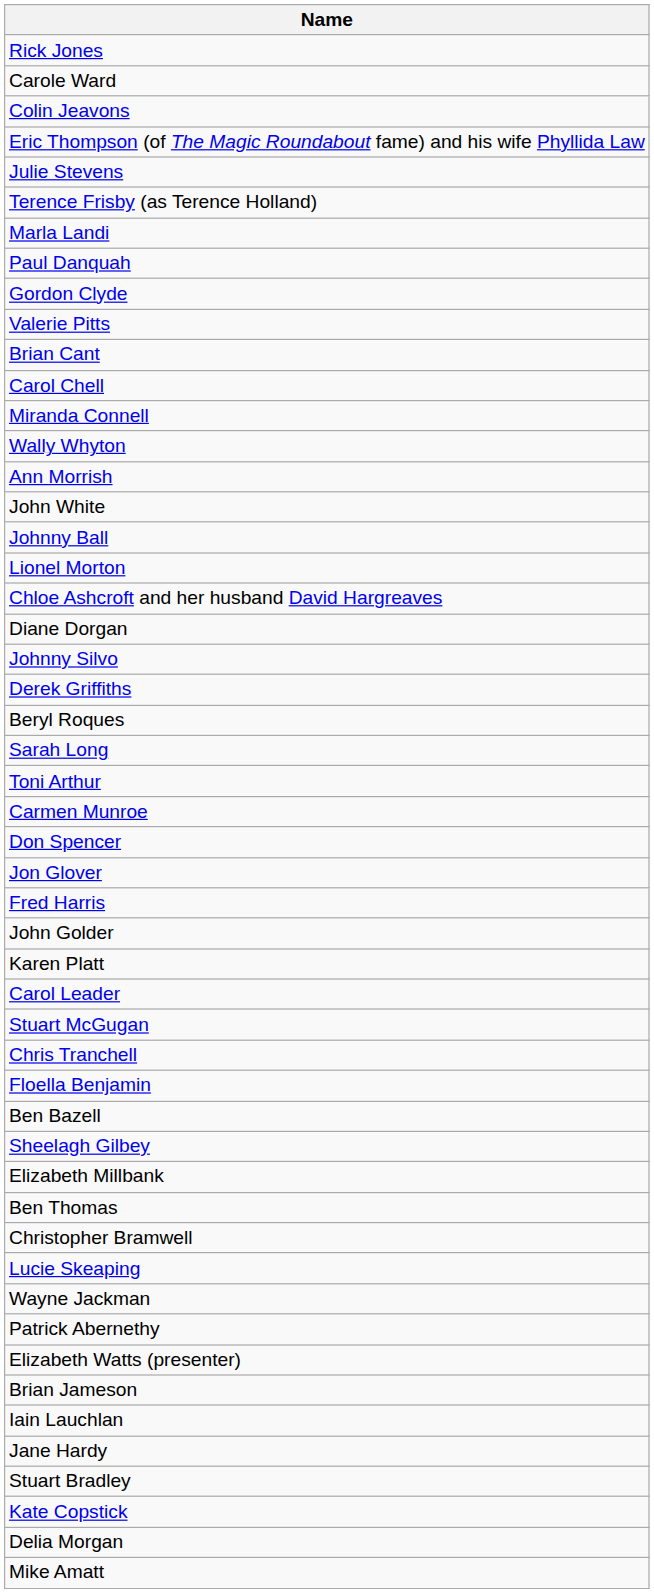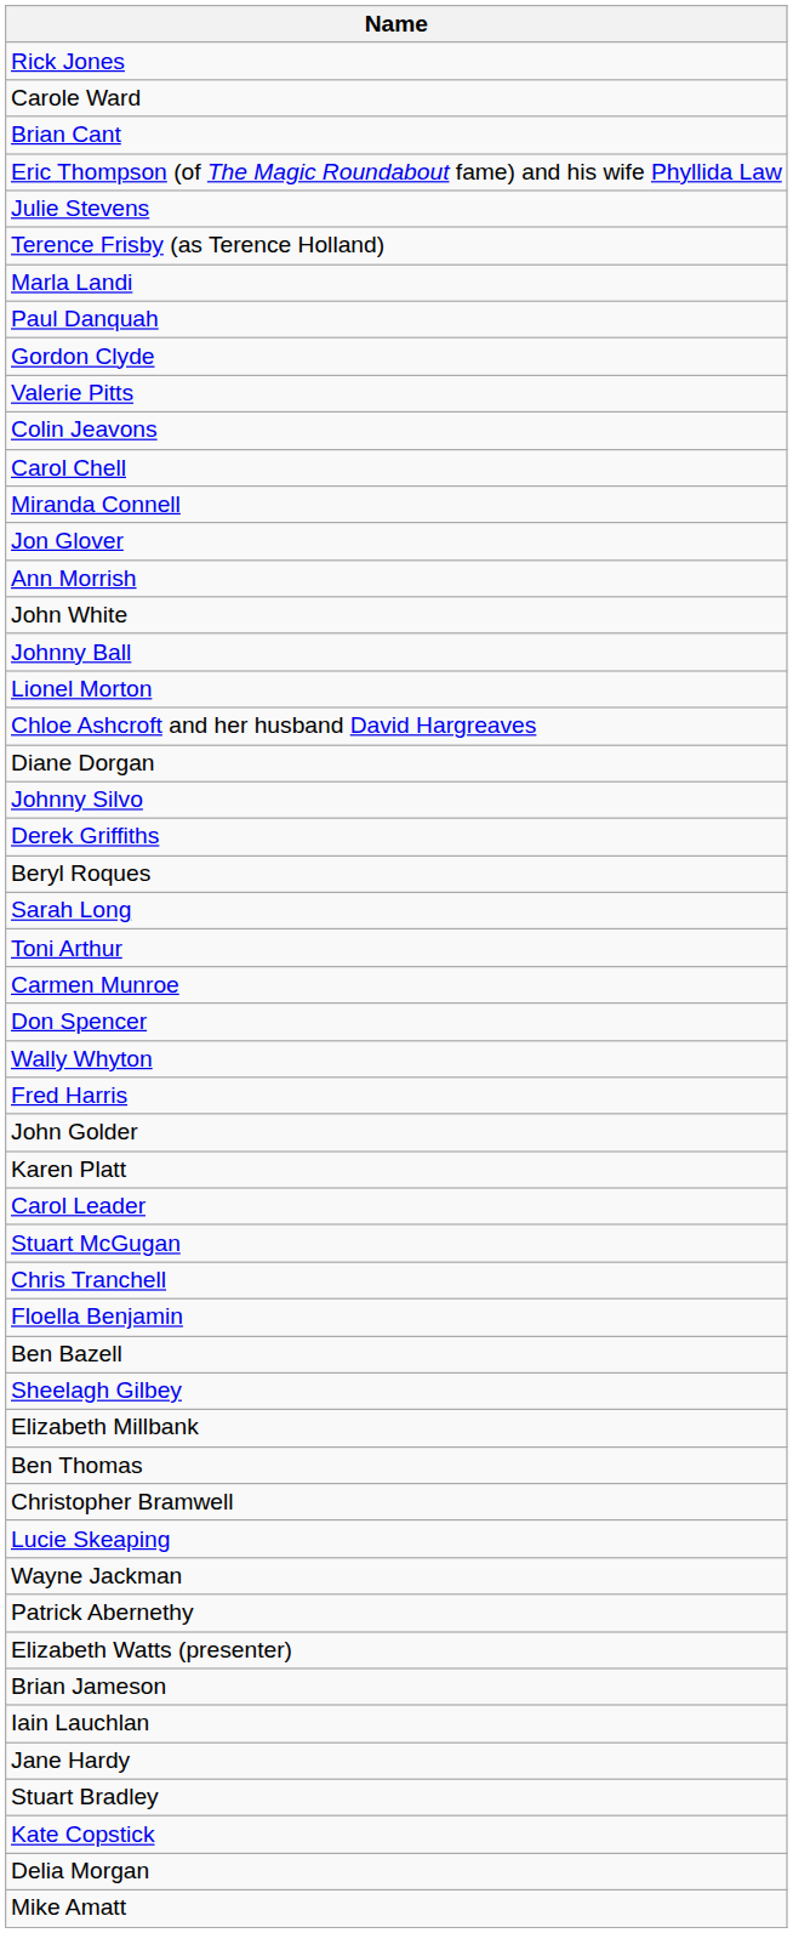 <table class="wikitable">
 <tr>
 <th>Name</th>
 </tr>
 <tr>
 <td><a href='#'>Rick Jones</a></td>
 </tr>
 <tr>
 <td>Carole Ward</td>
 </tr>
 <tr>
-<td><a href='#'>Colin Jeavons</a></td>
+<td><a href='#'>Brian Cant</a></td>
 </tr>
 <tr>
 <td><a href='#'>Eric Thompson</a> (of <em><a href='#'>The Magic Roundabout</a></em> fame) and his wife <a href='#'>Phyllida Law</a></td>
 </tr>
 <tr>
 <td><a href='#'>Julie Stevens</a></td>
 </tr>
 <tr>
 <td><a href='#'>Terence Frisby</a> (as Terence Holland)</td>
 </tr>
 <tr>
 <td><a href='#'>Marla Landi</a></td>
 </tr>
 <tr>
 <td><a href='#'>Paul Danquah</a></td>
 </tr>
 <tr>
 <td><a href='#'>Gordon Clyde</a></td>
 </tr>
 <tr>
 <td><a href='#'>Valerie Pitts</a></td>
 </tr>
 <tr>
-<td><a href='#'>Brian Cant</a></td>
+<td><a href='#'>Colin Jeavons</a></td>
 </tr>
 <tr>
 <td><a href='#'>Carol Chell</a></td>
 </tr>
 <tr>
 <td><a href='#'>Miranda Connell</a></td>
 </tr>
 <tr>
-<td><a href='#'>Wally Whyton</a></td>
+<td><a href='#'>Jon Glover</a></td>
 </tr>
 <tr>
 <td><a href='#'>Ann Morrish</a></td>
 </tr>
 <tr>
 <td>John White</td>
 </tr>
 <tr>
 <td><a href='#'>Johnny Ball</a></td>
 </tr>
 <tr>
 <td><a href='#'>Lionel Morton</a></td>
 </tr>
 <tr>
 <td><a href='#'>Chloe Ashcroft</a> and her husband <a href='#'>David Hargreaves</a></td>
 </tr>
 <tr>
 <td>Diane Dorgan</td>
 </tr>
 <tr>
 <td><a href='#'>Johnny Silvo</a></td>
 </tr>
 <tr>
 <td><a href='#'>Derek Griffiths</a></td>
 </tr>
 <tr>
 <td>Beryl Roques</td>
 </tr>
 <tr>
 <td><a href='#'>Sarah Long</a></td>
 </tr>
 <tr>
 <td><a href='#'>Toni Arthur</a></td>
 </tr>
 <tr>
 <td><a href='#'>Carmen Munroe</a></td>
 </tr>
 <tr>
 <td><a href='#'>Don Spencer</a></td>
 </tr>
 <tr>
-<td><a href='#'>Jon Glover</a></td>
+<td><a href='#'>Wally Whyton</a></td>
 </tr>
 <tr>
 <td><a href='#'>Fred Harris</a></td>
 </tr>
 <tr>
 <td>John Golder</td>
 </tr>
 <tr>
 <td>Karen Platt</td>
 </tr>
 <tr>
 <td><a href='#'>Carol Leader</a></td>
 </tr>
 <tr>
 <td><a href='#'>Stuart McGugan</a></td>
 </tr>
 <tr>
 <td><a href='#'>Chris Tranchell</a></td>
 </tr>
 <tr>
 <td><a href='#'>Floella Benjamin</a></td>
 </tr>
 <tr>
 <td>Ben Bazell</td>
 </tr>
 <tr>
 <td><a href='#'>Sheelagh Gilbey</a></td>
 </tr>
 <tr>
 <td>Elizabeth Millbank</td>
 </tr>
 <tr>
 <td>Ben Thomas</td>
 </tr>
 <tr>
 <td>Christopher Bramwell</td>
 </tr>
 <tr>
 <td><a href='#'>Lucie Skeaping</a></td>
 </tr>
 <tr>
 <td>Wayne Jackman</td>
 </tr>
 <tr>
 <td>Patrick Abernethy</td>
 </tr>
 <tr>
 <td>Elizabeth Watts (presenter)</td>
 </tr>
 <tr>
 <td>Brian Jameson</td>
 </tr>
 <tr>
 <td>Iain Lauchlan</td>
 </tr>
 <tr>
 <td>Jane Hardy</td>
 </tr>
 <tr>
 <td>Stuart Bradley</td>
 </tr>
 <tr>
 <td><a href='#'>Kate Copstick</a></td>
 </tr>
 <tr>
 <td>Delia Morgan</td>
 </tr>
 <tr>
 <td>Mike Amatt</td>
 </tr>
 </table>
